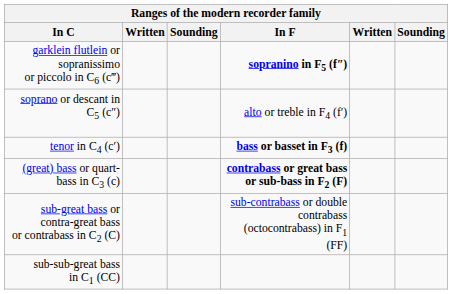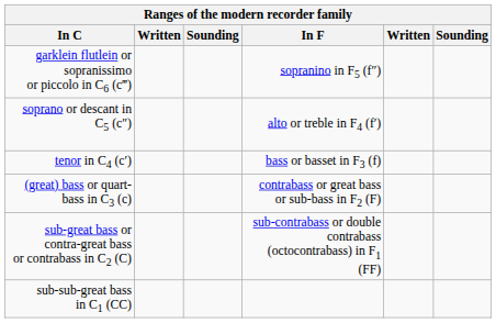 <table class="wikitable">
 <tr>
 <th colspan=6>Ranges of the modern recorder family</th>
 </tr>
 <tr>
 <th>In C</th>
 <th>Written</th>
 <th>Sounding</th>
 <th>In F</th>
 <th>Written</th>
 <th>Sounding</th>
 </tr>
 <tr style="text-align:right;">
 <td><a href='#'>garklein flutlein</a> or sopranissimo<br>or piccolo in C<sub>6</sub> (c‴)<br></td>
 <td></td>
 <td></td>
-<td><strong><a href='#'>sopranino</a> in F<sub>5</sub> (f″)<br></strong></td>
+<td><a href='#'>sopranino</a> in F<sub>5</sub> (f″)<br></td>
 <td></td>
 <td></td>
 </tr>
 <tr style="text-align:right;">
 <td><a href='#'>soprano</a> or descant in C<sub>5</sub> (c″)<br><br></td>
 <td></td>
 <td></td>
 <td><a href='#'>alto</a> or treble in F<sub>4</sub> (f′)<br></td>
 <td></td>
 <td></td>
 </tr>
 <tr style="text-align:right;">
 <td><a href='#'>tenor</a> in C<sub>4</sub> (c′)</td>
 <td></td>
 <td></td>
-<td><strong><a href='#'>bass</a> or basset in F<sub>3</sub> (f)</strong></td>
+<td><a href='#'>bass</a> or basset in F<sub>3</sub> (f)</td>
 <td></td>
 <td></td>
 </tr>
 <tr style="text-align:right;">
 <td><a href='#'>(great) bass</a> or quart-bass in C<sub>3</sub> (c)<br></td>
 <td></td>
 <td></td>
-<td><strong><a href='#'>contrabass</a> or great bass<br>or sub-bass in F<sub>2</sub> (F)<br></strong></td>
+<td><a href='#'>contrabass</a> or great bass<br>or sub-bass in F<sub>2</sub> (F)<br></td>
 <td></td>
 <td></td>
 </tr>
 <tr style="text-align:right;">
 <td><a href='#'>sub-great bass</a> or contra-great bass<br>or contrabass in C<sub>2</sub> (C)<br></td>
 <td></td>
 <td></td>
 <td><a href='#'>sub-contrabass</a> or double contrabass <br>(octocontrabass) in F<sub>1</sub> (FF)<br></td>
 <td></td>
 <td></td>
 </tr>
 <tr style="text-align:right;">
 <td>sub-sub-great bass<br>in C<sub>1</sub> (CC)</td>
 <td></td>
 <td></td>
 <td></td>
 <td></td>
 <td></td>
 </tr>
 </table>
